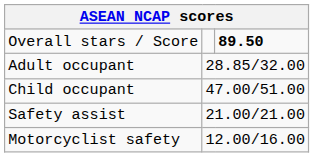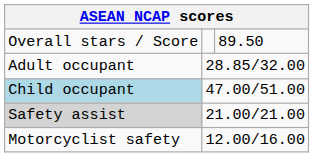 <table class="wikitable">
 <tr>
 <th colspan="3"><a href='#'>ASEAN NCAP</a> scores</th>
 </tr>
 <tr>
 <td>Overall stars / Score</td>
 <td></td>
-<td><strong>89.50</strong></td>
+<td>89.50</td>
 </tr>
 <tr>
 <td>Adult occupant</td>
 <td colspan="2">28.85/32.00</td>
 </tr>
 <tr>
-<td>Child occupant</td>
+<td style="background: lightblue;">Child occupant</td>
 <td colspan="2">47.00/51.00</td>
 </tr>
 <tr>
-<td>Safety assist </td>
+<td style="background: lightgrey;">Safety assist </td>
 <td colspan="2">21.00/21.00</td>
 </tr>
 <tr>
 <td>Motorcyclist safety</td>
 <td colspan="2">12.00/16.00</td>
 </tr>
 </table>
